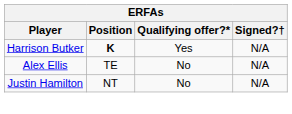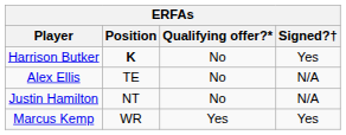 <table class="wikitable" style="text-align:center">
 <tr>
 <th colspan=4>ERFAs</th>
 </tr>
 <tr>
 <th>Player</th>
 <th>Position</th>
 <th>Qualifying offer?*</th>
 <th>Signed?†</th>
 </tr>
 <tr>
 <td><a href='#'>Harrison Butker</a></td>
 <td><strong>K</strong></td>
+<td>No</td>
 <td>Yes</td>
-<td>N/A</td>
 </tr>
 <tr>
 <td><a href='#'>Alex Ellis</a></td>
 <td>TE</td>
 <td>No</td>
 <td>N/A</td>
 </tr>
 <tr>
 <td><a href='#'>Justin Hamilton</a></td>
 <td>NT</td>
 <td>No</td>
 <td>N/A</td>
 </tr>
+<tr>
+<td><a href='#'>Marcus Kemp</a></td>
+<td>WR</td>
+<td>Yes</td>
+<td>Yes</td>
+</tr>
 </table>
